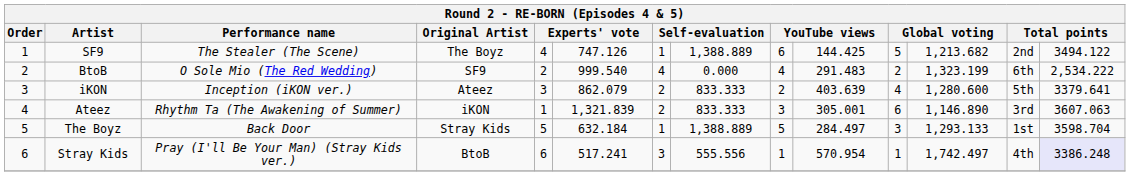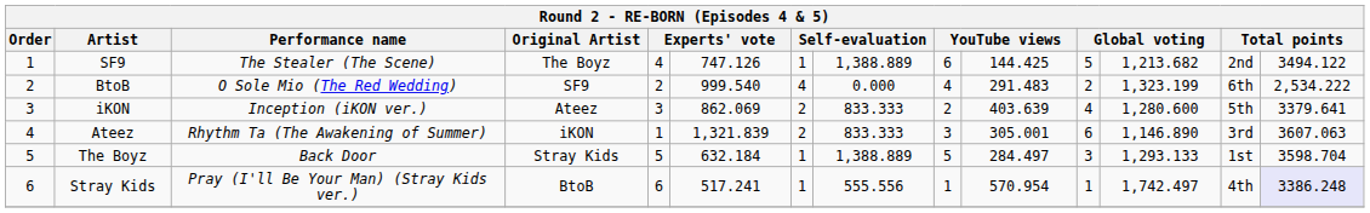 <table class="wikitable sortable" style="text-align:center">
 <tr>
 <th colspan="14">Round 2 - RE-BORN (Episodes 4 & 5)</th>
 </tr>
 <tr>
 <th width="10">Order</th>
 <th width="100">Artist</th>
 <th width="300">Performance name</th>
 <th width="125">Original Artist</th>
 <th colspan="2" width="125">Experts' vote</th>
 <th colspan="2" width="125">Self-evaluation</th>
 <th colspan="2" width="125">YouTube views</th>
 <th colspan="2" width="125">Global voting</th>
 <th colspan="2" width="125">Total points</th>
 </tr>
 <tr>
 <td>1</td>
 <td>SF9</td>
 <td><em>The Stealer (The Scene)</em></td>
 <td>The Boyz</td>
 <td>4</td>
 <td>747.126</td>
 <td>1</td>
 <td>1,388.889</td>
 <td>6</td>
 <td>144.425</td>
 <td>5</td>
 <td>1,213.682</td>
 <td>2nd</td>
 <td>3494.122</td>
 </tr>
 <tr>
 <td>2</td>
 <td>BtoB</td>
 <td><em>O Sole Mio (<a href='#'>The Red Wedding</a>)</em></td>
 <td>SF9</td>
 <td>2</td>
 <td>999.540</td>
 <td>4</td>
 <td>0.000</td>
 <td>4</td>
 <td>291.483</td>
 <td>2</td>
 <td>1,323.199</td>
 <td>6th</td>
 <td>2,534.222</td>
 </tr>
 <tr>
 <td>3</td>
 <td>iKON</td>
 <td><em>Inception (iKON ver.)</em></td>
 <td>Ateez</td>
 <td>3</td>
-<td>862.079</td>
+<td>862.069</td>
 <td>2</td>
 <td>833.333</td>
 <td>2</td>
 <td>403.639</td>
 <td>4</td>
 <td>1,280.600</td>
 <td>5th</td>
 <td>3379.641</td>
 </tr>
 <tr>
 <td>4</td>
 <td>Ateez</td>
 <td><em>Rhythm Ta (The Awakening of Summer)</em></td>
 <td>iKON</td>
 <td>1</td>
 <td>1,321.839</td>
 <td>2</td>
 <td>833.333</td>
 <td>3</td>
 <td>305.001</td>
 <td>6</td>
 <td>1,146.890</td>
 <td>3rd</td>
 <td>3607.063</td>
 </tr>
 <tr>
 <td>5</td>
 <td>The Boyz</td>
 <td><em>Back Door</em></td>
 <td>Stray Kids</td>
 <td>5</td>
 <td>632.184</td>
 <td>1</td>
 <td>1,388.889</td>
 <td>5</td>
 <td>284.497</td>
 <td>3</td>
 <td>1,293.133</td>
 <td>1st</td>
 <td>3598.704</td>
 </tr>
 <tr>
 <td>6</td>
 <td>Stray Kids</td>
 <td><em>Pray (I'll Be Your Man) (Stray Kids ver.)</em></td>
 <td>BtoB</td>
 <td>6</td>
 <td>517.241</td>
-<td>3</td>
+<td>1</td>
 <td>555.556</td>
 <td>1</td>
 <td>570.954</td>
 <td>1</td>
 <td>1,742.497</td>
 <td>4th</td>
 <td style="background: lavender;">3386.248</td>
 </tr>
 <tr>
 </tr>
 </table>
